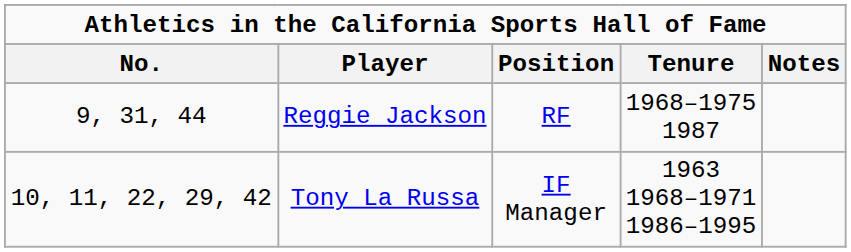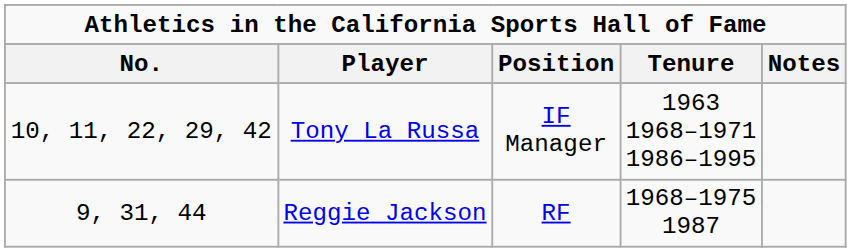 <table class="wikitable" style="text-align:center">
 <tr>
 <td colspan="5"><strong>Athletics in the California Sports Hall of Fame</strong></td>
 </tr>
 <tr>
 <th>No.</th>
 <th>Player</th>
 <th>Position</th>
 <th>Tenure</th>
 <th>Notes</th>
 </tr>
 <tr>
+<td>10, 11, 22, 29, 42</td>
+<td><a href='#'>Tony La Russa</a></td>
+<td><a href='#'>IF</a><br>Manager</td>
+<td>1963<br>1968–1971<br>1986–1995</td>
+<td></td>
+</tr>
+<tr>
 <td>9, 31, 44</td>
 <td><a href='#'>Reggie Jackson</a></td>
 <td><a href='#'>RF</a></td>
 <td>1968–1975<br>1987</td>
 <td></td>
 </tr>
-<tr>
-<td>10, 11, 22, 29, 42</td>
-<td><a href='#'>Tony La Russa</a></td>
-<td><a href='#'>IF</a><br>Manager</td>
-<td>1963<br>1968–1971<br>1986–1995</td>
-<td></td>
-</tr>
 </table>
